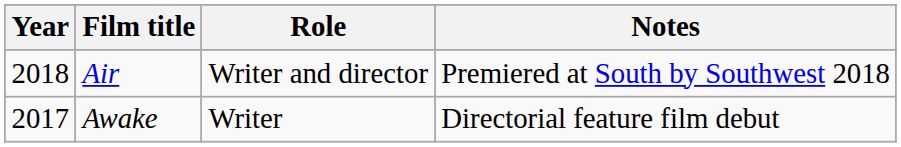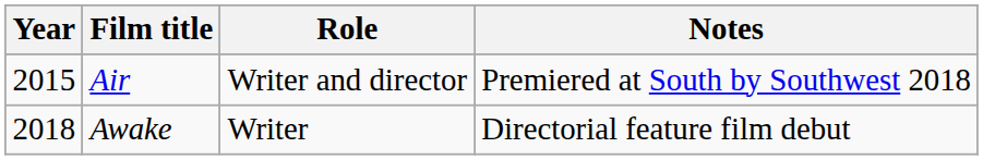 <table class="wikitable sortable" style="border:none; margin:0;">
 <tr valign="bottom">
 <th scope="col">Year</th>
 <th scope="col">Film title</th>
 <th scope="col">Role</th>
 <th scope="col">Notes</th>
 </tr>
 <tr>
-<td>2018</td>
+<td>2015</td>
 <td><em><a href='#'>Air</a></em></td>
 <td>Writer and director</td>
 <td>Premiered at <a href='#'>South by Southwest</a> 2018</td>
 </tr>
 <tr>
-<td>2017</td>
+<td>2018</td>
 <td><em>Awake</em></td>
 <td>Writer</td>
 <td>Directorial feature film debut</td>
 </tr>
 </table>
